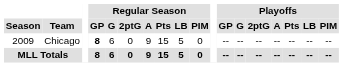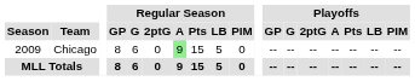 <table BORDER="0" CELLPADDING="3" CELLSPACING="0">
 <tr ALIGN="center" bgcolor="#e0e0e0">
 <th colspan="2" bgcolor="#ffffff"> </th>
 <th rowspan="99" bgcolor="#ffffff"> </th>
 <th colspan="7">Regular Season</th>
 <th rowspan="99" bgcolor="#ffffff"> </th>
 <th colspan="7">Playoffs</th>
 </tr>
 <tr ALIGN="center" bgcolor="#e0e0e0">
 <th>Season</th>
 <th>Team</th>
 <th>GP</th>
 <th>G</th>
 <th>2ptG</th>
 <th>A</th>
 <th>Pts</th>
 <th>LB</th>
 <th>PIM</th>
 <th>GP</th>
 <th>G</th>
 <th>2ptG</th>
 <th>A</th>
 <th>Pts</th>
 <th>LB</th>
 <th>PIM</th>
 </tr>
 <tr ALIGN="center">
 <td>2009</td>
 <td>Chicago</td>
-<td><strong>8</strong></td>
+<td>8</td>
 <td>6</td>
 <td>0</td>
-<td>9</td>
+<td style="background: lightgreen;">9</td>
 <td>15</td>
 <td>5</td>
 <td>0</td>
 <td>--</td>
 <td>--</td>
 <td>--</td>
 <td>--</td>
 <td>--</td>
 <td>--</td>
 <td>--</td>
 </tr>
 <tr ALIGN="center" bgcolor="#e0e0e0">
 <th colspan="2">MLL Totals</th>
 <th>8</th>
 <th>6</th>
 <th>0</th>
 <th>9</th>
 <th>15</th>
 <th>5</th>
 <th>0</th>
 <th>--</th>
 <th>--</th>
 <th>--</th>
 <th>--</th>
 <th>--</th>
 <th>--</th>
 <th>--</th>
 </tr>
 </table>
